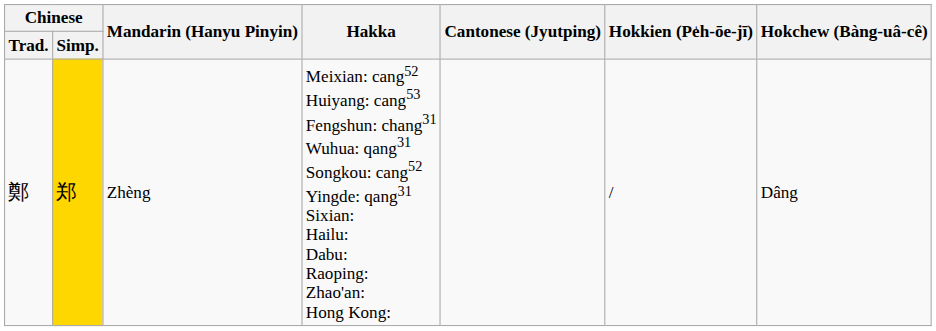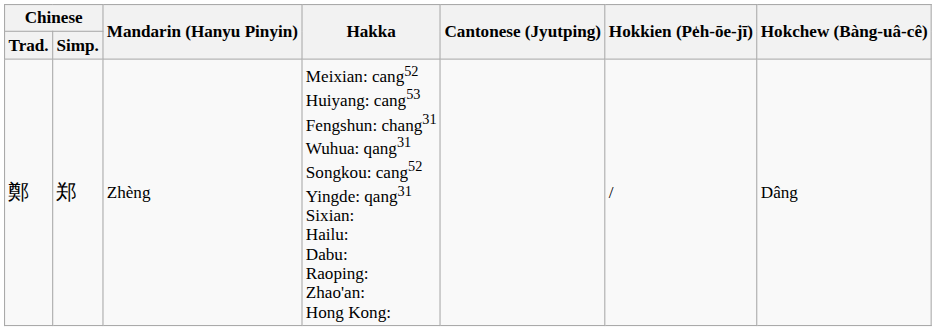 <table class="wikitable">
 <tr>
 <th colspan="2">Chinese</th>
 <th rowspan="2">Mandarin (Hanyu Pinyin)</th>
 <th rowspan="2">Hakka</th>
 <th rowspan="2">Cantonese (Jyutping)</th>
 <th rowspan="2">Hokkien (Pe̍h-ōe-jī)</th>
 <th rowspan="2">Hokchew (Bàng-uâ-cê)</th>
 </tr>
 <tr>
 <th>Trad.</th>
 <th>Simp.</th>
 </tr>
 <tr>
 <td><big>鄭</big></td>
-<td style="background: gold;"><big>郑</big></td>
+<td><big>郑</big></td>
 <td>Zhèng </td>
 <td>Meixian: cang<sup>52</sup><br>Huiyang: cang<sup>53</sup><br>Fengshun: chang<sup>31</sup><br>Wuhua: qang<sup>31</sup><br>Songkou: cang<sup>52</sup><br>Yingde: qang<sup>31</sup><br>Sixian: <br>Hailu: <br>Dabu: <br>Raoping: <br>Zhao'an: <br>Hong Kong: </td>
 <td></td>
 <td> / </td>
 <td>Dâng</td>
 </tr>
 </table>
